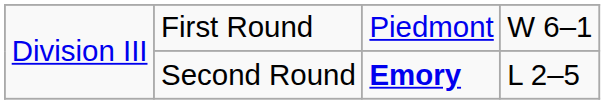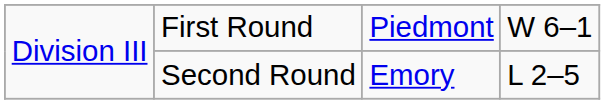 <table class="wikitable">
 <tr>
 <td rowspan="5"><a href='#'>Division III</a></td>
 <td>First Round</td>
 <td><a href='#'>Piedmont</a></td>
 <td>W 6–1</td>
 </tr>
 <tr>
 <td>Second Round</td>
-<td><strong><a href='#'>Emory</a></strong></td>
+<td><a href='#'>Emory</a></td>
 <td>L 2–5</td>
 </tr>
 </table>
